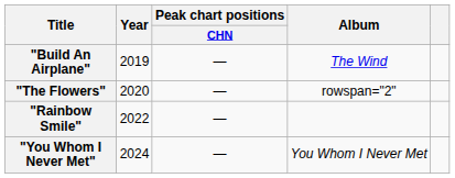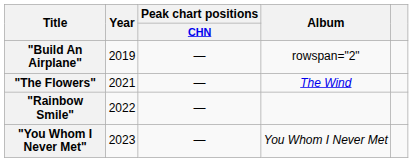 <table class="wikitable plainrowheaders" style="text-align:center">
 <tr>
 <th rowspan="2" style="width:8em;">Title</th>
 <th rowspan="2">Year</th>
 <th colspan="1">Peak chart positions</th>
 <th rowspan="2">Album</th>
 <th scope="col" rowspan="2" style="width:1em;"></th>
 </tr>
 <tr>
 <th scope="col" style="font-size:90%;"><a href='#'>CHN</a></th>
 </tr>
 <tr>
 <th scope="row">"Build An Airplane"<br></th>
 <td>2019</td>
 <td>—</td>
-<td><em><a href='#'>The Wind</a></em></td>
+<td>rowspan="2" </td>
 <td></td>
 </tr>
 <tr>
 <th scope="row">"The Flowers"<br></th>
-<td>2020</td>
+<td>2021</td>
 <td>—</td>
-<td>rowspan="2" </td>
+<td><em><a href='#'>The Wind</a></em></td>
 <td></td>
 </tr>
 <tr>
 <th scope="row">"Rainbow Smile"<br></th>
 <td>2022</td>
 <td>—</td>
 <td></td>
 </tr>
 <tr>
 <th scope="row">"You Whom I Never Met"<br></th>
-<td>2024</td>
+<td>2023</td>
 <td>—</td>
 <td><em>You Whom I Never Met</em></td>
 <td></td>
 </tr>
 </table>
